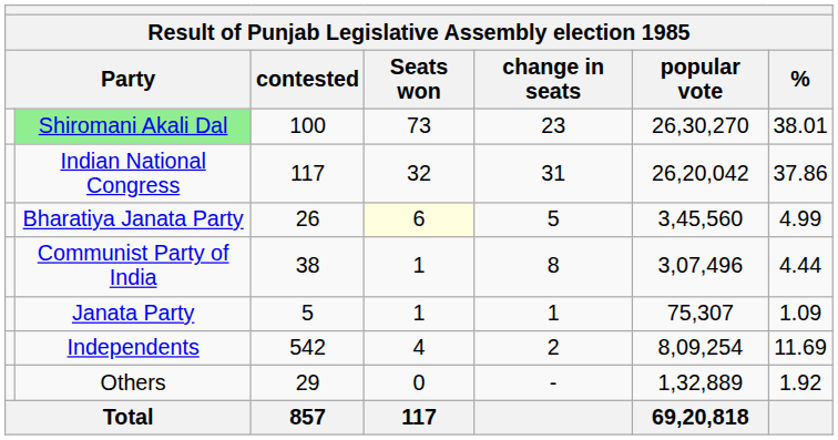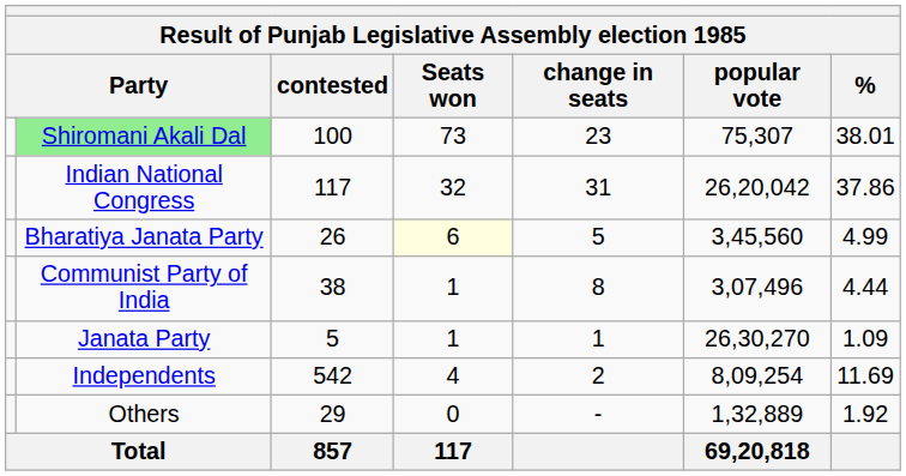 <table class="wikitable" style="text-align:center">
 <tr>
 <th colspan=10></th>
 </tr>
 <tr>
 <th colspan=7>Result of Punjab Legislative Assembly election 1985 </th>
 </tr>
 <tr>
 <th colspan=2>Party</th>
 <th>contested</th>
 <th>Seats won</th>
 <th>change in seats</th>
 <th>popular vote</th>
 <th>%</th>
 </tr>
 <tr>
 <td></td>
 <td style="background:#90EE90;"><a href='#'>Shiromani Akali Dal</a></td>
 <td>100</td>
 <td>73</td>
 <td> 23</td>
-<td>26,30,270</td>
+<td>75,307</td>
 <td>38.01</td>
 </tr>
 <tr>
 <td></td>
 <td><a href='#'>Indian National Congress</a></td>
 <td>117</td>
 <td>32</td>
 <td> 31</td>
 <td>26,20,042</td>
 <td>37.86</td>
 </tr>
 <tr>
 <td></td>
 <td><a href='#'>Bharatiya Janata Party</a></td>
 <td>26</td>
 <td style="background: lightyellow;">6</td>
 <td> 5</td>
 <td>3,45,560</td>
 <td>4.99</td>
 </tr>
 <tr>
 <td></td>
 <td><a href='#'>Communist Party of India</a></td>
 <td>38</td>
 <td>1</td>
 <td> 8</td>
 <td>3,07,496</td>
 <td>4.44</td>
 </tr>
 <tr>
 <td></td>
 <td><a href='#'>Janata Party</a></td>
 <td>5</td>
 <td>1</td>
 <td> 1</td>
-<td>75,307</td>
+<td>26,30,270</td>
 <td>1.09</td>
 </tr>
 <tr>
 <td></td>
 <td><a href='#'>Independents</a></td>
 <td>542</td>
 <td>4</td>
 <td> 2</td>
 <td>8,09,254</td>
 <td>11.69</td>
 </tr>
 <tr>
 <td></td>
 <td>Others</td>
 <td>29</td>
 <td>0</td>
 <td>-</td>
 <td>1,32,889</td>
 <td>1.92</td>
 </tr>
 <tr>
 <th colspan=2>Total</th>
 <th>857</th>
 <th>117</th>
 <th></th>
 <th>69,20,818</th>
 <th></th>
 </tr>
 </table>
